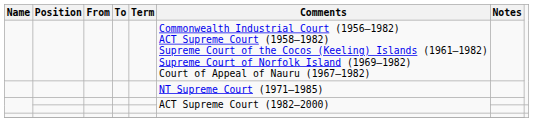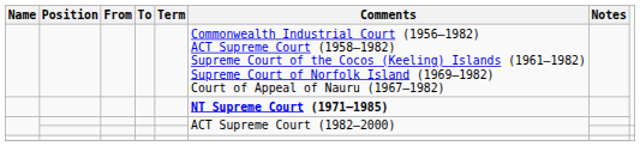 <table class="wikitable sortable" border="1" ||>
 <tr>
 <th>Name</th>
 <th>Position</th>
 <th>From</th>
 <th>To</th>
 <th>Term</th>
 <th>Comments</th>
 <th class="unsortable">Notes</th>
 </tr>
 <tr>
 <td></td>
 <td></td>
 <td align=center></td>
 <td align=center></td>
 <td align=center></td>
 <td><a href='#'>Commonwealth Industrial Court</a> (1956–1982)<br><a href='#'>ACT Supreme Court</a> (1958–1982)<br><a href='#'>Supreme Court of the Cocos (Keeling) Islands</a> (1961–1982)<br><a href='#'>Supreme Court of Norfolk Island</a> (1969–1982)<br>Court of Appeal of Nauru (1967–1982)</td>
 <td></td>
 </tr>
 <tr>
 <td></td>
 <td></td>
 <td align=center></td>
 <td align=center></td>
 <td align=center></td>
-<td><a href='#'>NT Supreme Court</a> (1971–1985)</td>
+<td><strong><a href='#'>NT Supreme Court</a> (1971–1985)</strong></td>
 <td></td>
 </tr>
 <tr>
 <td rowspan="2"></td>
 <td></td>
 <td align=center></td>
 <td align=center></td>
 <td align=center></td>
 <td rowspan="2">ACT Supreme Court (1982–2000)</td>
 <td></td>
 </tr>
 <tr>
 <td></td>
 <td align=center></td>
 <td align=center></td>
 <td align=center></td>
 <td></td>
 <td></td>
 </tr>
 <tr>
 <td></td>
 <td></td>
 <td align=center></td>
 <td align=center></td>
 <td align=center></td>
 <td></td>
 <td></td>
 </tr>
 <tr>
 </tr>
 </table>
